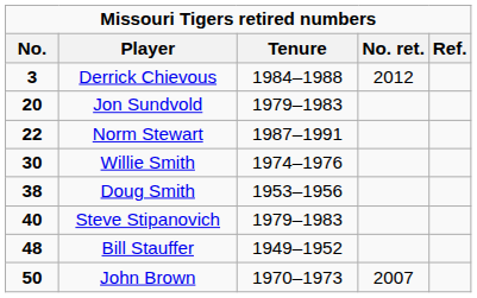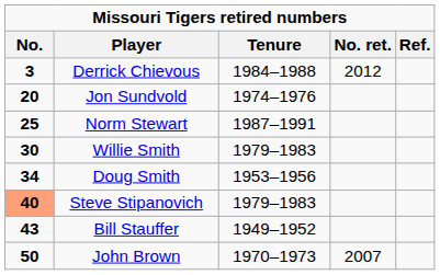 <table class="wikitable sortable" style="text-align:center">
 <tr>
 <td colspan="5"><strong>Missouri Tigers retired numbers</strong></td>
 </tr>
 <tr>
 <th width=40px>No.</th>
 <th width=150px>Player</th>
 <th width=100px>Tenure</th>
 <th width=px>No. ret.</th>
 <th width=px>Ref.</th>
 </tr>
 <tr>
 <td><strong>3</strong></td>
 <td><a href='#'>Derrick Chievous</a></td>
 <td>1984–1988</td>
 <td>2012</td>
 <td></td>
 </tr>
 <tr>
 <td><strong>20</strong></td>
 <td><a href='#'>Jon Sundvold</a></td>
-<td>1979–1983</td>
+<td>1974–1976</td>
 <td></td>
 <td></td>
 </tr>
 <tr>
-<td><strong>22</strong></td>
+<td><strong>25</strong></td>
 <td><a href='#'>Norm Stewart</a></td>
 <td>1987–1991</td>
 <td></td>
 <td></td>
 </tr>
 <tr>
 <td><strong>30</strong></td>
 <td><a href='#'>Willie Smith</a></td>
-<td>1974–1976</td>
+<td>1979–1983</td>
 <td></td>
 <td></td>
 </tr>
 <tr>
-<td><strong>38</strong></td>
+<td><strong>34</strong></td>
 <td><a href='#'>Doug Smith</a></td>
 <td>1953–1956</td>
 <td></td>
 <td></td>
 </tr>
 <tr>
-<td><strong>40</strong></td>
+<td style="background: lightsalmon;"><strong>40</strong></td>
 <td><a href='#'>Steve Stipanovich</a></td>
 <td>1979–1983</td>
 <td></td>
 <td></td>
 </tr>
 <tr>
-<td><strong>48</strong></td>
+<td><strong>43</strong></td>
 <td><a href='#'>Bill Stauffer</a></td>
 <td>1949–1952</td>
 <td></td>
 <td></td>
 </tr>
 <tr>
 <td><strong>50</strong></td>
 <td><a href='#'>John Brown</a></td>
 <td>1970–1973</td>
 <td>2007</td>
 <td></td>
 </tr>
 </table>
